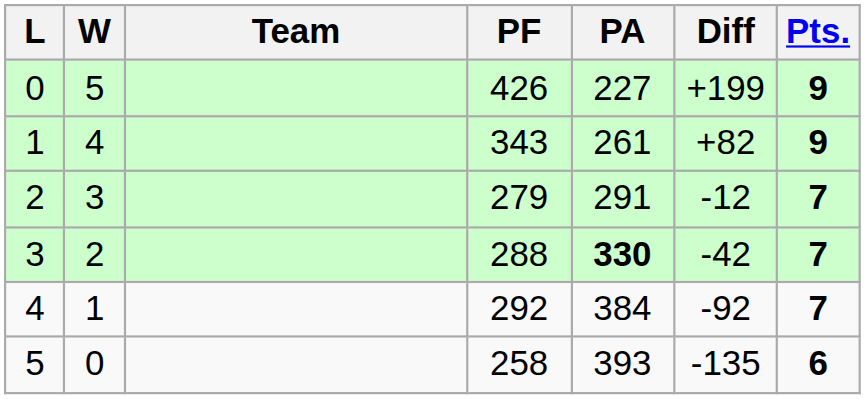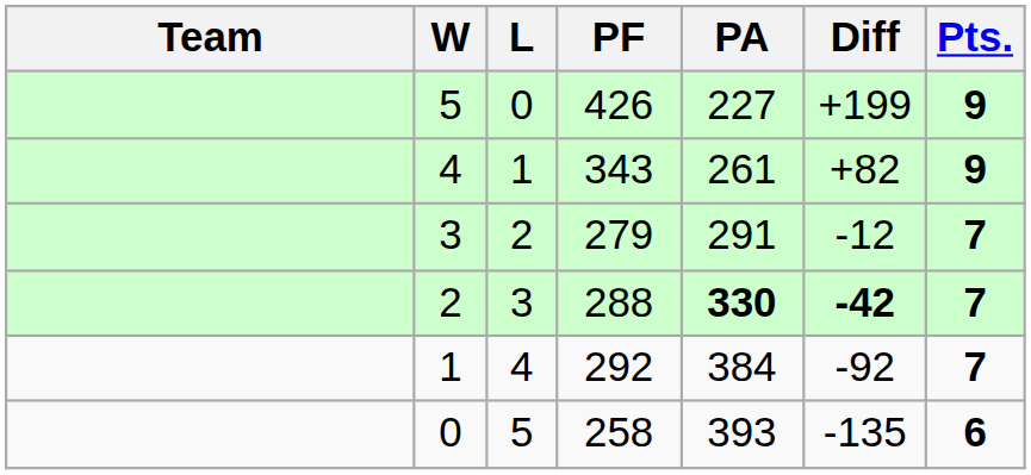 <table class=wikitable>
 <tr align=center>
+<th width=150px>Team</th>
+<th width=20px>W</th>
 <th width=20px>L</th>
-<th width=20px>W</th>
-<th width=150px>Team</th>
 <th width=40px>PF</th>
 <th width=40px>PA</th>
 <th width=40px>Diff</th>
 <th width=30px><a href='#'>Pts.</a></th>
 </tr>
 <tr align=center bgcolor="#ccffcc">
+<td align=left></td>
+<td>5</td>
 <td>0</td>
-<td>5</td>
-<td align=left></td>
 <td>426</td>
 <td>227</td>
 <td>+199</td>
 <td><strong>9</strong></td>
 </tr>
 <tr align=center bgcolor="#ccffcc">
+<td align=left></td>
+<td>4</td>
 <td>1</td>
-<td>4</td>
-<td align=left></td>
 <td>343</td>
 <td>261</td>
 <td>+82</td>
 <td><strong>9</strong></td>
 </tr>
 <tr align=center bgcolor="#ccffcc">
+<td align=left></td>
+<td>3</td>
 <td>2</td>
-<td>3</td>
-<td align=left></td>
 <td>279</td>
 <td>291</td>
 <td>-12</td>
 <td><strong>7</strong></td>
 </tr>
 <tr align=center bgcolor="#ccffcc">
+<td align=left></td>
+<td>2</td>
 <td>3</td>
-<td>2</td>
-<td align=left></td>
 <td>288</td>
 <td><strong>330</strong></td>
-<td>-42</td>
+<td><strong>-42</strong></td>
 <td><strong>7</strong></td>
 </tr>
 <tr align=center>
+<td align=left></td>
+<td>1</td>
 <td>4</td>
-<td>1</td>
-<td align=left></td>
 <td>292</td>
 <td>384</td>
 <td>-92</td>
 <td><strong>7</strong></td>
 </tr>
 <tr align=center>
+<td align=left></td>
+<td>0</td>
 <td>5</td>
-<td>0</td>
-<td align=left></td>
 <td>258</td>
 <td>393</td>
 <td>-135</td>
 <td><strong>6</strong></td>
 </tr>
 </table>
